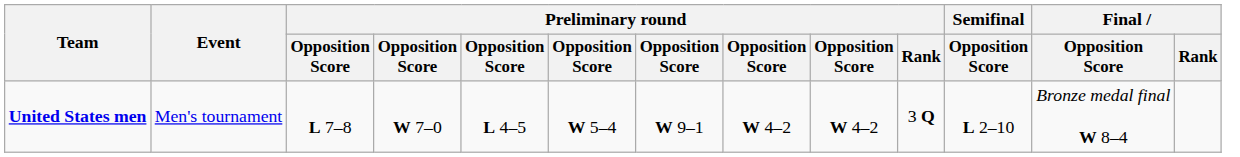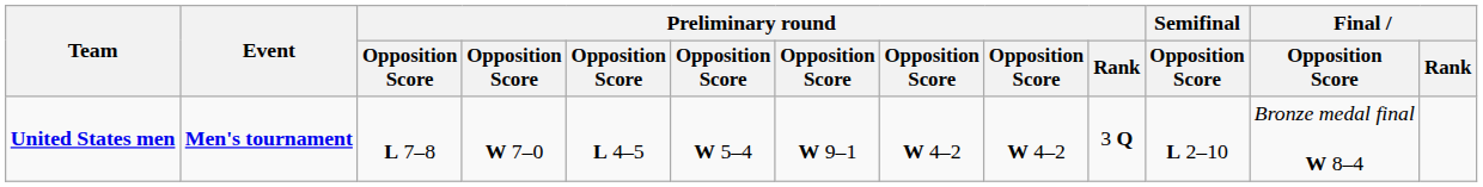 <table class=wikitable style=font-size:90%;text-align:center>
 <tr>
 <th rowspan=2>Team</th>
 <th rowspan=2>Event</th>
 <th colspan=8>Preliminary round</th>
 <th>Semifinal</th>
 <th colspan=2>Final / </th>
 </tr>
 <tr style=font-size:95%>
 <th>Opposition<br>Score</th>
 <th>Opposition<br>Score</th>
 <th>Opposition<br>Score</th>
 <th>Opposition<br>Score</th>
 <th>Opposition<br>Score</th>
 <th>Opposition<br>Score</th>
 <th>Opposition<br>Score</th>
 <th>Rank</th>
 <th>Opposition<br>Score</th>
 <th>Opposition<br>Score</th>
 <th>Rank</th>
 </tr>
 <tr>
 <td align=left><strong><a href='#'>United States men</a></strong></td>
-<td align=left><a href='#'>Men's tournament</a></td>
+<td align=left><strong><a href='#'>Men's tournament</a></strong></td>
 <td><br><strong>L</strong> 7–8</td>
 <td><br><strong>W</strong> 7–0</td>
 <td><br><strong>L</strong> 4–5</td>
 <td><br><strong>W</strong> 5–4</td>
 <td><br><strong>W</strong> 9–1</td>
 <td><br><strong>W</strong> 4–2</td>
 <td><br><strong>W</strong> 4–2</td>
 <td>3 <strong>Q</strong></td>
 <td><br><strong>L</strong> 2–10</td>
 <td><em>Bronze medal final</em><br><br><strong>W</strong> 8–4</td>
 <td></td>
 </tr>
 </table>
